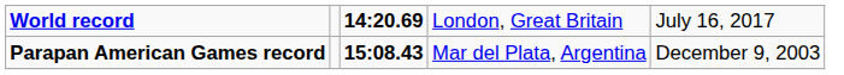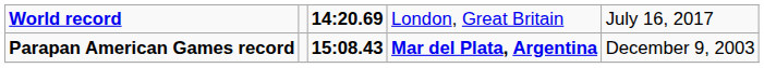 <table class="wikitable">
 <tr>
 <td><strong><a href='#'>World record</a></strong></td>
 <td></td>
 <td><strong>14:20.69</strong></td>
 <td><a href='#'>London</a>, <a href='#'>Great Britain</a></td>
 <td>July 16, 2017</td>
 </tr>
 <tr>
 <td><strong>Parapan American Games record</strong></td>
 <td></td>
 <td><strong>15:08.43</strong></td>
-<td><a href='#'>Mar del Plata</a>, <a href='#'>Argentina</a></td>
+<td><strong><a href='#'>Mar del Plata</a>, <a href='#'>Argentina</a></strong></td>
 <td>December 9, 2003</td>
 </tr>
 <tr>
 </tr>
 </table>
